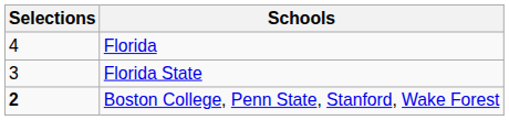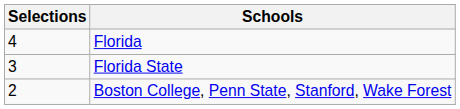 <table class="wikitable sortable" style="text-align:left">
 <tr>
 <th>Selections</th>
 <th class="unsortable">Schools</th>
 </tr>
 <tr>
 <td>4</td>
 <td><a href='#'>Florida</a></td>
 </tr>
 <tr>
 <td>3</td>
 <td><a href='#'>Florida State</a></td>
 </tr>
 <tr>
-<td><strong>2</strong></td>
+<td>2</td>
 <td><a href='#'>Boston College</a>, <a href='#'>Penn State</a>, <a href='#'>Stanford</a>, <a href='#'>Wake Forest</a></td>
 </tr>
 </table>
